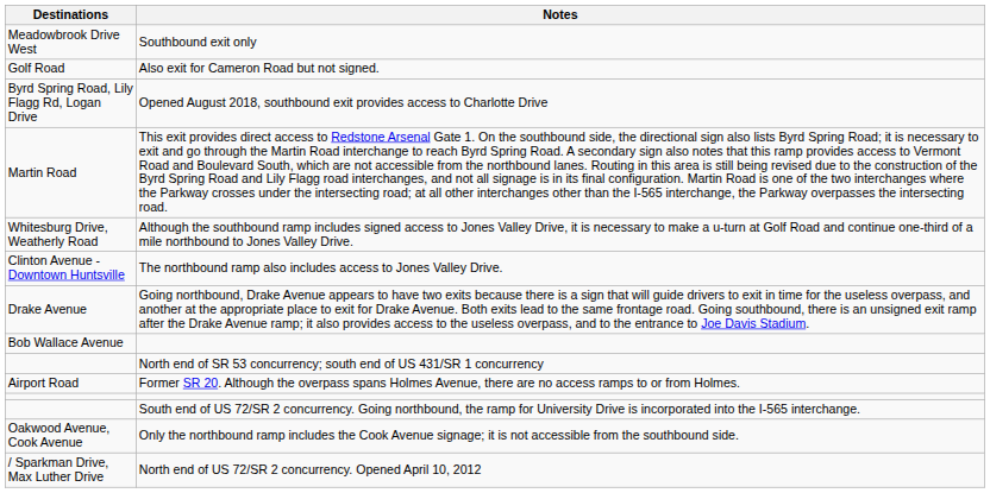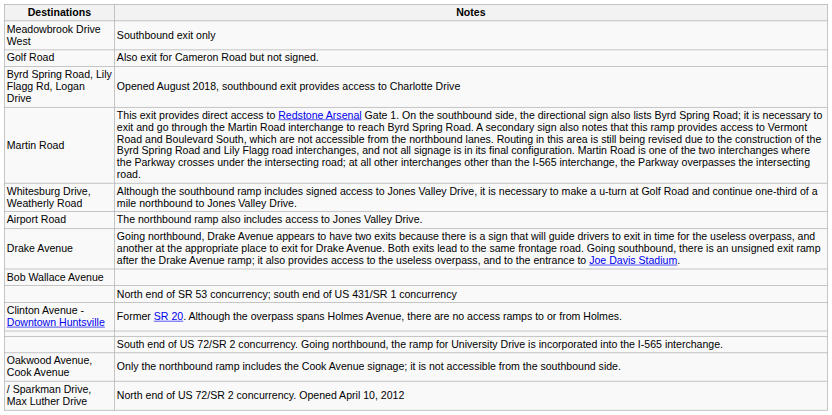 <table class=wikitable>
 <tr>
 <th>Destinations</th>
 <th>Notes</th>
 </tr>
 <tr>
 <td>Meadowbrook Drive West</td>
 <td>Southbound exit only</td>
 </tr>
 <tr>
 <td>Golf Road</td>
 <td>Also exit for Cameron Road but not signed.</td>
 </tr>
 <tr>
 <td>Byrd Spring Road, Lily Flagg Rd, Logan Drive</td>
 <td>Opened August 2018, southbound exit provides access to Charlotte Drive</td>
 </tr>
 <tr>
 <td>Martin Road</td>
 <td>This exit provides direct access to <a href='#'>Redstone Arsenal</a> Gate 1.  On the southbound side, the directional sign also lists Byrd Spring Road; it is necessary to exit and go through the Martin Road interchange to reach Byrd Spring Road.  A secondary sign also notes that this ramp provides access to Vermont Road and Boulevard South, which are not accessible from the northbound lanes.  Routing in this area is still being revised due to the construction of the Byrd Spring Road and Lily Flagg road interchanges, and not all signage is in its final configuration.  Martin Road is one of the two interchanges where the Parkway crosses under the intersecting road; at all other interchanges other than the I-565 interchange, the Parkway overpasses the intersecting road.</td>
 </tr>
 <tr>
 <td>Whitesburg Drive, Weatherly Road</td>
 <td>Although the southbound ramp includes signed access to Jones Valley Drive, it is necessary to make a u-turn at Golf Road and continue one-third of a mile northbound to Jones Valley Drive.</td>
 </tr>
 <tr>
-<td>Clinton Avenue - <a href='#'>Downtown Huntsville</a></td>
+<td>Airport Road</td>
 <td>The northbound ramp also includes access to Jones Valley Drive.</td>
 </tr>
 <tr>
 <td>Drake Avenue</td>
 <td>Going northbound, Drake Avenue appears to have two exits because there is a sign that will guide drivers to exit in time for the useless overpass, and another at the appropriate place to exit for Drake Avenue.  Both exits lead to the same frontage road.  Going southbound, there is an unsigned exit ramp after the Drake Avenue ramp; it also provides access to the useless overpass, and to the entrance to <a href='#'>Joe Davis Stadium</a>.</td>
 </tr>
 <tr>
 <td>Bob Wallace Avenue</td>
 </tr>
 <tr>
 <td></td>
 <td>North end of SR 53 concurrency; south end of US 431/SR 1 concurrency</td>
 </tr>
 <tr>
-<td>Airport Road</td>
+<td>Clinton Avenue - <a href='#'>Downtown Huntsville</a></td>
 <td>Former <a href='#'>SR 20</a>. Although the overpass spans Holmes Avenue, there are no access ramps to or from Holmes.</td>
 </tr>
 <tr>
 <td></td>
 </tr>
 <tr>
 <td></td>
 <td>South end of US 72/SR 2 concurrency.  Going northbound, the ramp for University Drive is incorporated into the I-565 interchange.</td>
 </tr>
 <tr>
 <td>Oakwood Avenue, Cook Avenue</td>
 <td>Only the northbound ramp includes the Cook Avenue signage; it is not accessible from the southbound side.</td>
 </tr>
 <tr>
 <td> / Sparkman Drive, Max Luther Drive</td>
 <td>North end of US 72/SR 2 concurrency. Opened April 10, 2012</td>
 </tr>
 </table>
